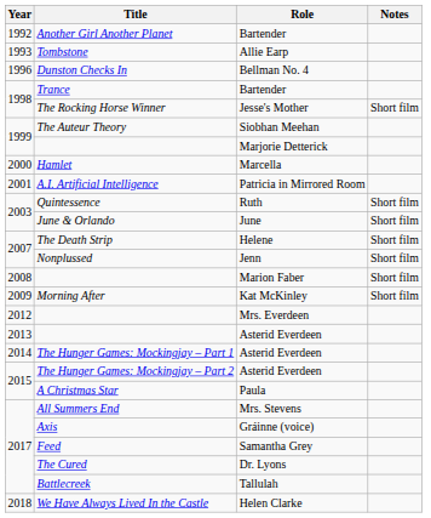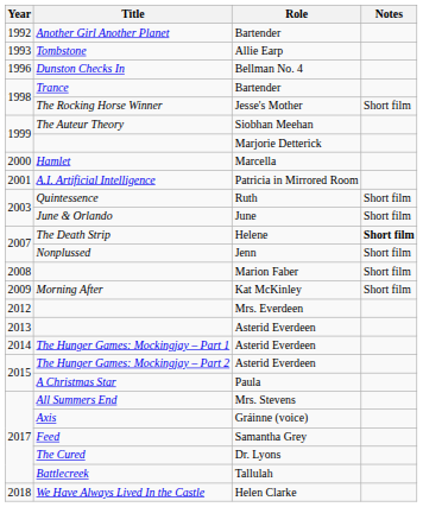 <table class="wikitable sortable plainrowheaders">
 <tr>
 <th>Year</th>
 <th>Title</th>
 <th>Role</th>
 <th class="unsortable">Notes</th>
 </tr>
 <tr>
 <td>1992</td>
 <td><em><a href='#'>Another Girl Another Planet</a></em></td>
 <td>Bartender</td>
 <td></td>
 </tr>
 <tr>
 <td>1993</td>
 <td><em><a href='#'>Tombstone</a></em></td>
 <td>Allie Earp</td>
 <td></td>
 </tr>
 <tr>
 <td>1996</td>
 <td><em><a href='#'>Dunston Checks In</a></em></td>
 <td>Bellman No. 4</td>
 <td></td>
 </tr>
 <tr>
 <td rowspan="2">1998</td>
 <td><em><a href='#'>Trance</a></em></td>
 <td>Bartender</td>
 <td></td>
 </tr>
 <tr>
 <td><em>The Rocking Horse Winner</em></td>
 <td>Jesse's Mother</td>
 <td>Short film</td>
 </tr>
 <tr>
 <td rowspan="2">1999</td>
 <td><em>The Auteur Theory</em></td>
 <td>Siobhan Meehan</td>
 <td></td>
 </tr>
 <tr>
 <td><em></em></td>
 <td>Marjorie Detterick</td>
 <td></td>
 </tr>
 <tr>
 <td>2000</td>
 <td><em><a href='#'>Hamlet</a></em></td>
 <td>Marcella</td>
 <td></td>
 </tr>
 <tr>
 <td>2001</td>
 <td><em><a href='#'>A.I. Artificial Intelligence</a></em></td>
 <td>Patricia in Mirrored Room</td>
 <td></td>
 </tr>
 <tr>
 <td rowspan="2">2003</td>
 <td><em>Quintessence</em></td>
 <td>Ruth</td>
 <td>Short film</td>
 </tr>
 <tr>
 <td><em>June & Orlando</em></td>
 <td>June</td>
 <td>Short film</td>
 </tr>
 <tr>
 <td rowspan="2">2007</td>
 <td><em>The Death Strip</em></td>
 <td>Helene</td>
-<td>Short film</td>
+<td><strong>Short film</strong></td>
 </tr>
 <tr>
 <td><em>Nonplussed</em></td>
 <td>Jenn</td>
 <td>Short film</td>
 </tr>
 <tr>
 <td>2008</td>
 <td><em></em></td>
 <td>Marion Faber</td>
 <td>Short film</td>
 </tr>
 <tr>
 <td>2009</td>
 <td><em>Morning After</em></td>
 <td>Kat McKinley</td>
 <td>Short film</td>
 </tr>
 <tr>
 <td>2012</td>
 <td><em></em></td>
 <td>Mrs. Everdeen</td>
 <td></td>
 </tr>
 <tr>
 <td>2013</td>
 <td><em></em></td>
 <td>Asterid Everdeen</td>
 <td></td>
 </tr>
 <tr>
 <td>2014</td>
 <td><em><a href='#'>The Hunger Games: Mockingjay – Part 1</a></em></td>
 <td>Asterid Everdeen</td>
 <td></td>
 </tr>
 <tr>
 <td rowspan="2">2015</td>
 <td><em><a href='#'>The Hunger Games: Mockingjay – Part 2</a></em></td>
 <td>Asterid Everdeen</td>
 <td></td>
 </tr>
 <tr>
 <td><em><a href='#'>A Christmas Star</a></em></td>
 <td>Paula</td>
 <td></td>
 </tr>
 <tr>
 <td rowspan="5">2017</td>
 <td><em><a href='#'>All Summers End</a></em></td>
 <td>Mrs. Stevens</td>
 <td></td>
 </tr>
 <tr>
 <td><em><a href='#'>Axis</a></em></td>
 <td>Gráinne (voice)</td>
 <td></td>
 </tr>
 <tr>
 <td><em><a href='#'>Feed</a></em></td>
 <td>Samantha Grey</td>
 <td></td>
 </tr>
 <tr>
 <td><em><a href='#'>The Cured</a></em></td>
 <td>Dr. Lyons</td>
 <td></td>
 </tr>
 <tr>
 <td><em><a href='#'>Battlecreek</a></em></td>
 <td>Tallulah</td>
 <td></td>
 </tr>
 <tr>
 <td>2018</td>
 <td><em><a href='#'>We Have Always Lived In the Castle</a></em></td>
 <td>Helen Clarke</td>
 <td></td>
 </tr>
 </table>
